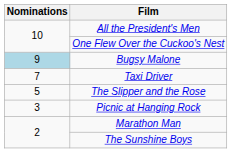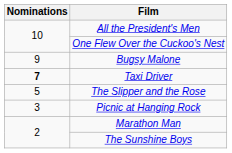 <table class="wikitable" style="text-align:center;">
 <tr>
 <th style="background:">Nominations</th>
 <th style="background:">Film</th>
 </tr>
 <tr>
 <td rowspan="2">10</td>
 <td><em><a href='#'>All the President's Men</a></em></td>
 </tr>
 <tr>
 <td><em><a href='#'>One Flew Over the Cuckoo's Nest</a></em></td>
 </tr>
 <tr>
-<td style="background: lightblue;">9</td>
+<td>9</td>
 <td><em><a href='#'>Bugsy Malone</a></em></td>
 </tr>
 <tr>
-<td>7</td>
+<td><strong>7</strong></td>
 <td><em><a href='#'>Taxi Driver</a></em></td>
 </tr>
 <tr>
 <td>5</td>
 <td><em><a href='#'>The Slipper and the Rose</a></em></td>
 </tr>
 <tr>
 <td>3</td>
 <td><em><a href='#'>Picnic at Hanging Rock</a></em></td>
 </tr>
 <tr>
 <td rowspan="2">2</td>
 <td><em><a href='#'>Marathon Man</a></em></td>
 </tr>
 <tr>
 <td><em><a href='#'>The Sunshine Boys</a></em></td>
 </tr>
 </table>
